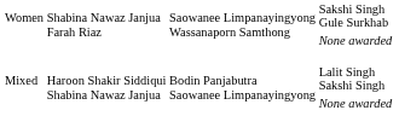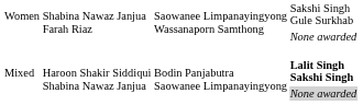 <table>
 <tr>
 <td rowspan=2>Women</td>
 <td rowspan=2><br>Shabina Nawaz Janjua<br>Farah Riaz</td>
 <td rowspan=2><br>Saowanee Limpanayingyong<br>Wassanaporn Samthong</td>
 <td><br>Sakshi Singh<br>Gule Surkhab</td>
 </tr>
 <tr>
 <td><em>None awarded</em></td>
 </tr>
 <tr>
 <td rowspan=2>Mixed</td>
 <td rowspan=2><br>Haroon Shakir Siddiqui<br>Shabina Nawaz Janjua</td>
 <td rowspan=2><br>Bodin Panjabutra<br>Saowanee Limpanayingyong</td>
-<td><br>Lalit Singh<br>Sakshi Singh</td>
+<td><strong><br>Lalit Singh<br>Sakshi Singh</strong></td>
 </tr>
 <tr>
-<td><em>None awarded</em></td>
+<td style="background: lightgrey;"><em>None awarded</em></td>
 </tr>
 </table>
